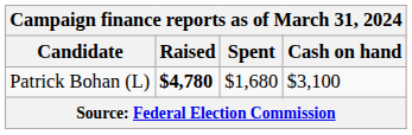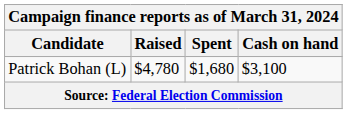 <table class="wikitable sortable">
 <tr>
 <th colspan=4>Campaign finance reports as of March 31, 2024</th>
 </tr>
 <tr style="text-align:center;">
 <th>Candidate</th>
 <th>Raised</th>
 <th>Spent</th>
 <th>Cash on hand</th>
 </tr>
 <tr>
 <td>Patrick Bohan (L)</td>
-<td><strong>$4,780</strong></td>
+<td>$4,780</td>
 <td>$1,680</td>
 <td>$3,100</td>
 </tr>
 <tr>
 <th colspan="4"><small>Source: <a href='#'>Federal Election Commission</a></small></th>
 </tr>
 </table>
